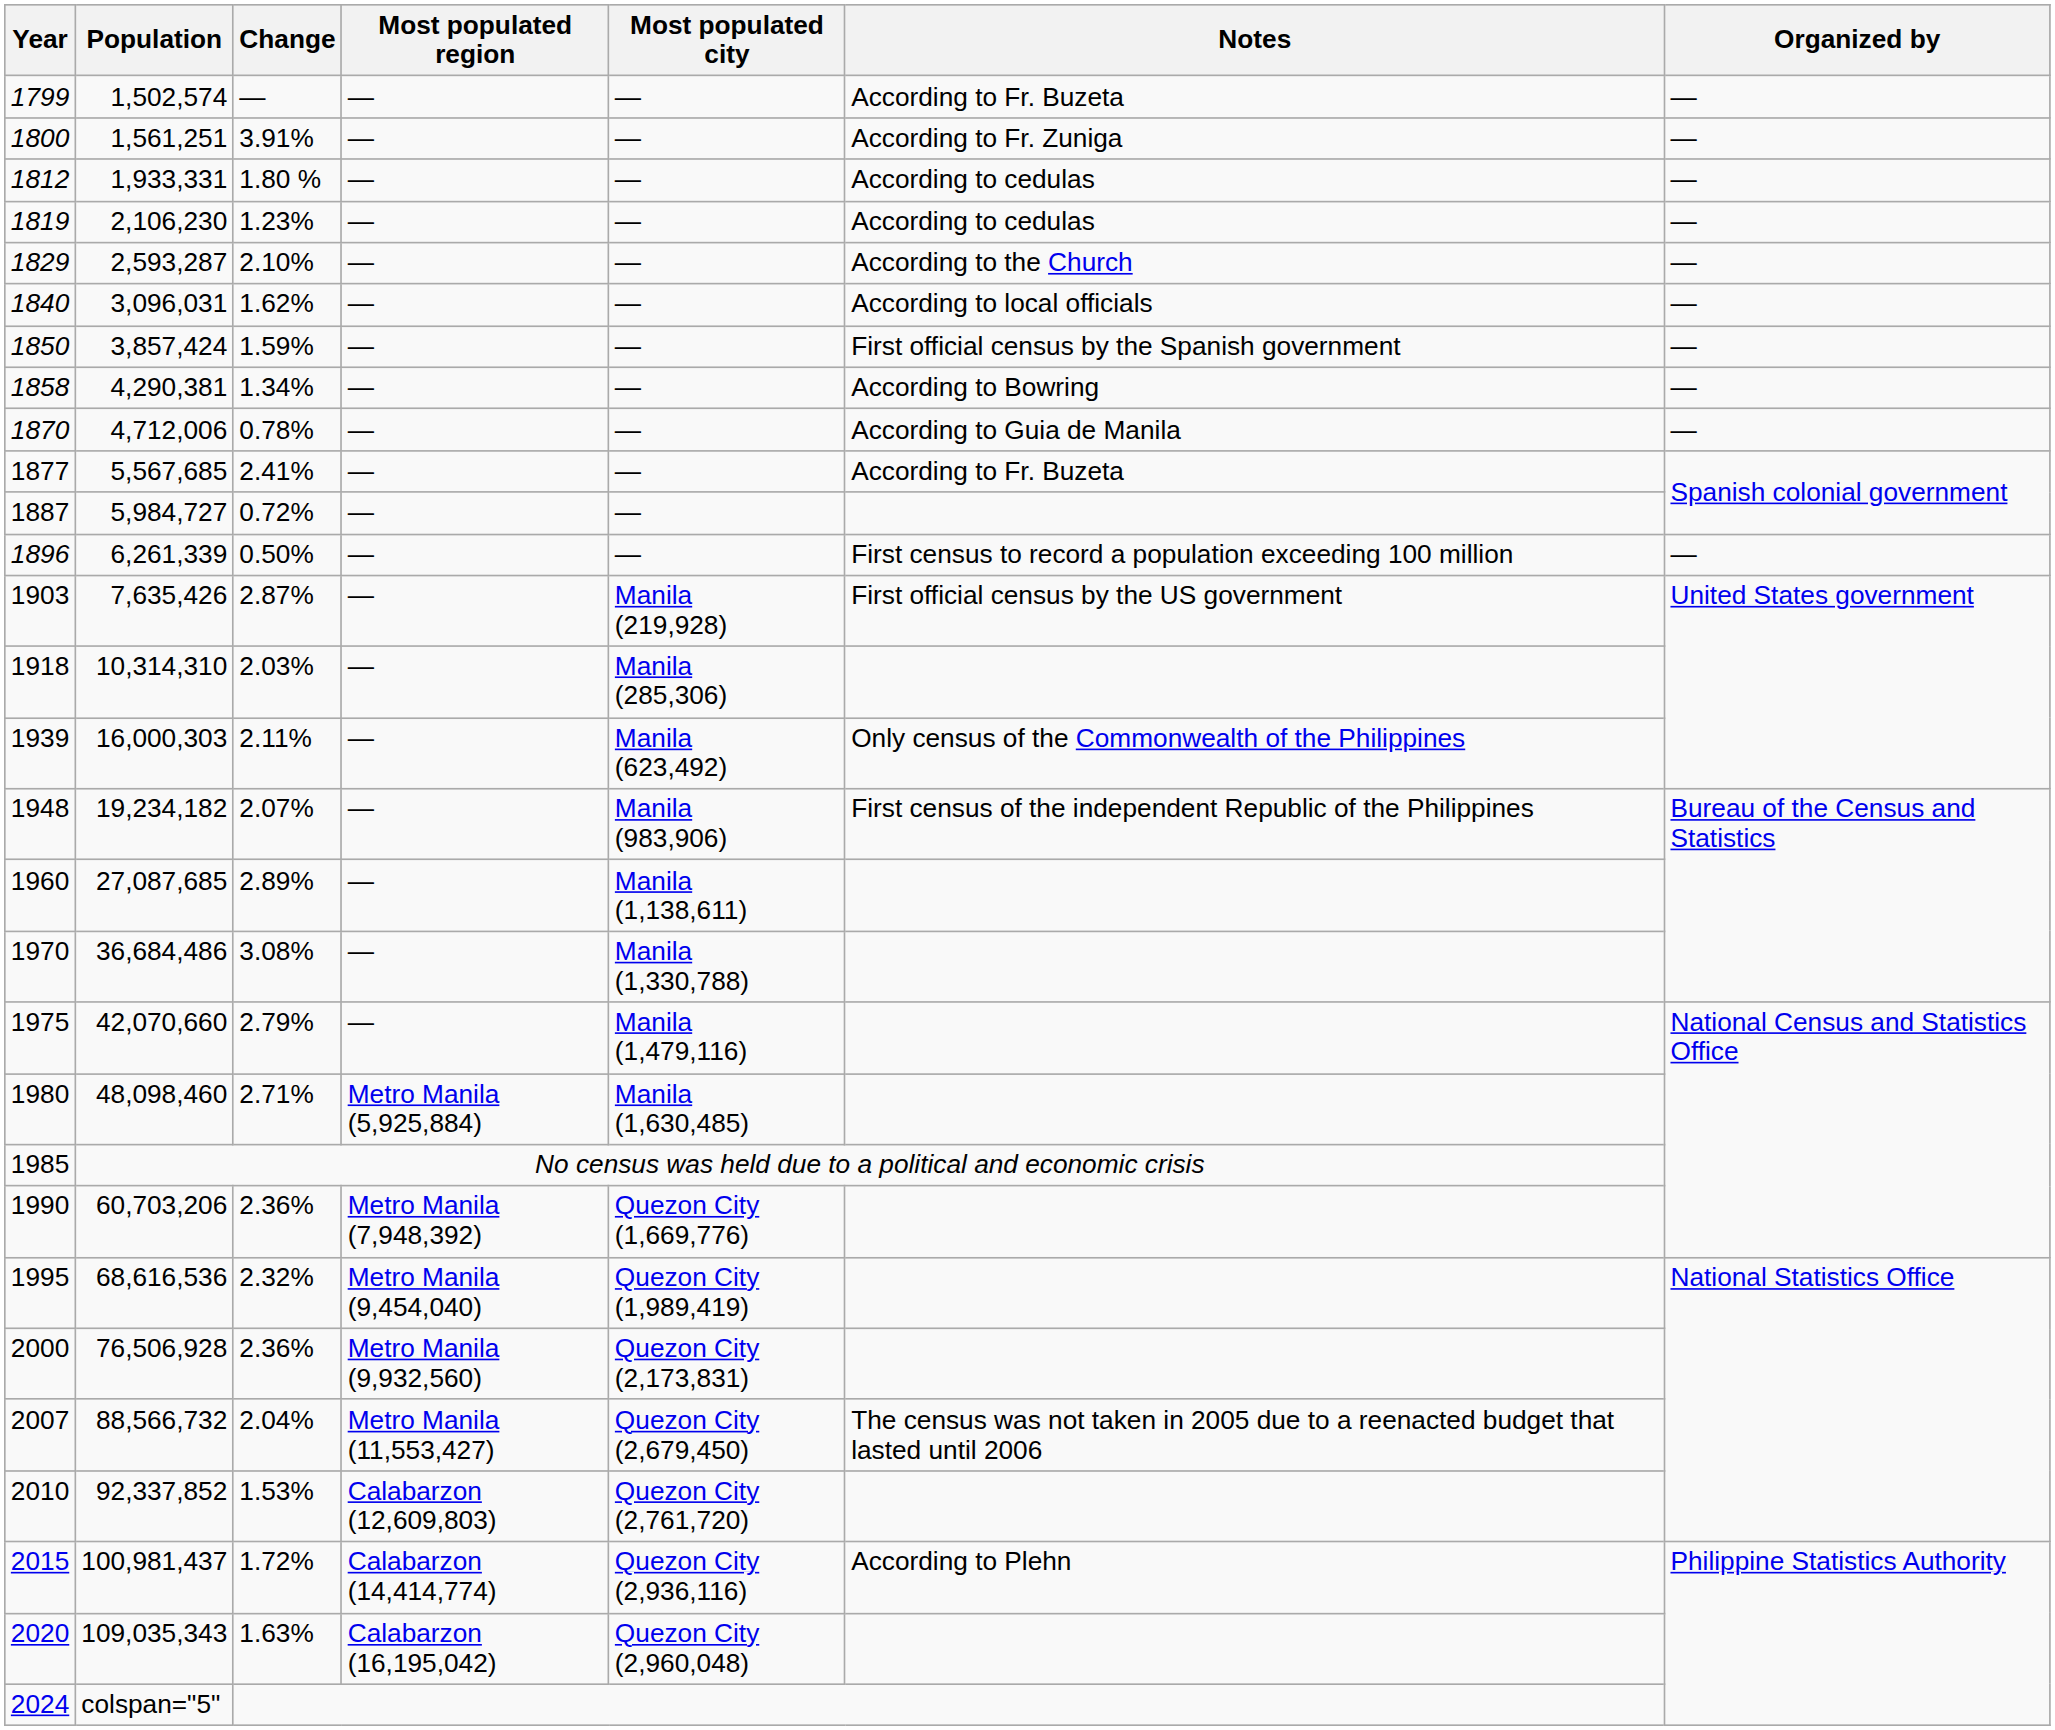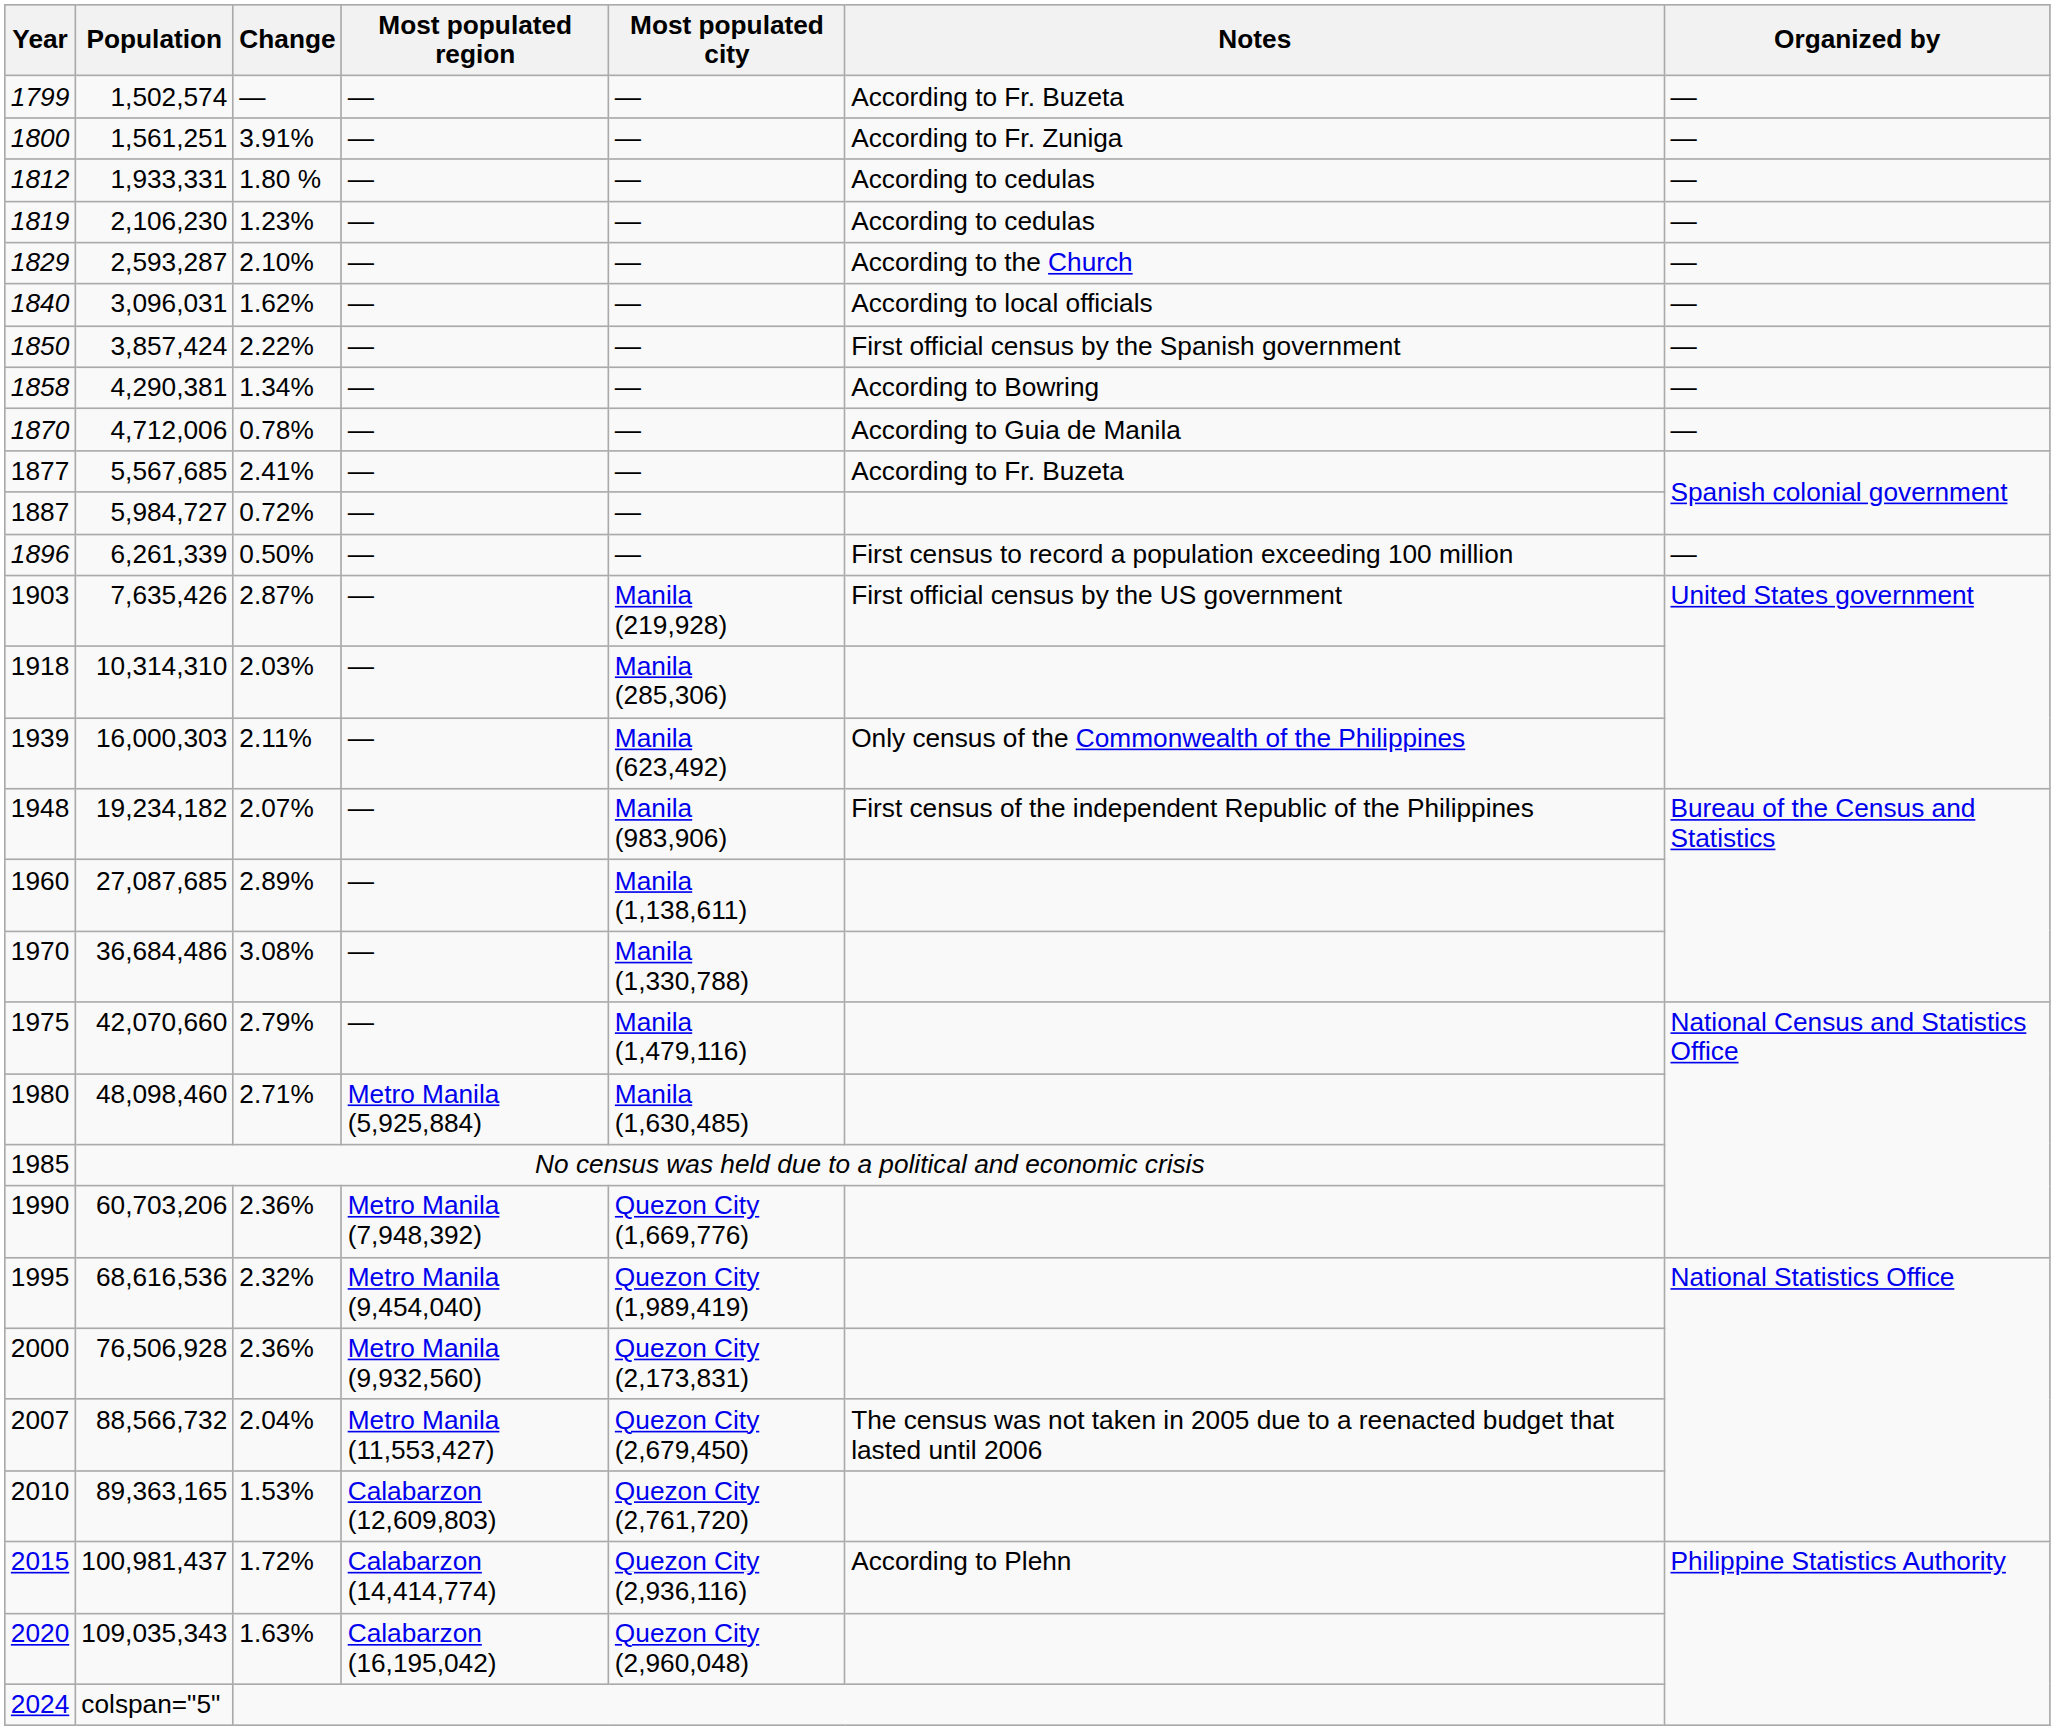 <table class="wikitable sortable">
 <tr>
 <th>Year</th>
 <th>Population</th>
 <th>Change</th>
 <th>Most populated region</th>
 <th>Most populated city</th>
 <th>Notes</th>
 <th>Organized by</th>
 </tr>
 <tr valign="top">
 <td style="text-align:center;"><em>1799</em></td>
 <td style="text-align:right;">1,502,574</td>
 <td>—</td>
 <td>—</td>
 <td>—</td>
 <td>According to Fr. Buzeta</td>
 <td>—</td>
 </tr>
 <tr>
 <td style="text-align:center;"><em>1800</em></td>
 <td style="text-align:right;">1,561,251</td>
 <td> 3.91%</td>
 <td>—</td>
 <td>—</td>
 <td>According to Fr. Zuniga</td>
 <td>—</td>
 </tr>
 <tr>
 <td style="text-align:center;"><em>1812</em></td>
 <td style="text-align:right;">1,933,331</td>
 <td> 1.80 %</td>
 <td>—</td>
 <td>—</td>
 <td>According to cedulas</td>
 <td>—</td>
 </tr>
 <tr>
 <td style="text-align:center;"><em>1819</em></td>
 <td style="text-align:right;">2,106,230</td>
 <td> 1.23%</td>
 <td>—</td>
 <td>—</td>
 <td>According to cedulas</td>
 <td>—</td>
 </tr>
 <tr>
 <td style="text-align:center;"><em>1829</em></td>
 <td style="text-align:right;">2,593,287</td>
 <td> 2.10%</td>
 <td>—</td>
 <td>—</td>
 <td>According to the <a href='#'>Church</a></td>
 <td>—</td>
 </tr>
 <tr>
 <td style="text-align:center;"><em>1840</em></td>
 <td style="text-align:right;">3,096,031</td>
 <td> 1.62%</td>
 <td>—</td>
 <td>—</td>
 <td>According to local officials</td>
 <td>—</td>
 </tr>
 <tr>
 <td style="text-align:center;"><em>1850</em></td>
 <td style="text-align:right;">3,857,424</td>
-<td> 1.59%</td>
+<td> 2.22%</td>
 <td>—</td>
 <td>—</td>
 <td>First official census by the Spanish government</td>
 <td>—</td>
 </tr>
 <tr>
 <td style="text-align:center;"><em>1858</em></td>
 <td style="text-align:right;">4,290,381</td>
 <td> 1.34%</td>
 <td>—</td>
 <td>—</td>
 <td>According to Bowring</td>
 <td>—</td>
 </tr>
 <tr>
 <td style="text-align:center;"><em>1870</em></td>
 <td style="text-align:right;">4,712,006</td>
 <td> 0.78%</td>
 <td>—</td>
 <td>—</td>
 <td>According to Guia de Manila</td>
 <td>—</td>
 </tr>
 <tr>
 <td style="text-align:center;">1877</td>
 <td style="text-align:right;">5,567,685</td>
 <td> 2.41%</td>
 <td>—</td>
 <td>—</td>
 <td>According to Fr. Buzeta</td>
 <td rowspan="2"><a href='#'>Spanish colonial government</a></td>
 </tr>
 <tr valign="top">
 <td style="text-align:center;">1887</td>
 <td style="text-align:right;">5,984,727</td>
 <td> 0.72%</td>
 <td>—</td>
 <td>—</td>
 <td></td>
 </tr>
 <tr>
 <td style="text-align:center;"><em>1896</em></td>
 <td style="text-align:right;">6,261,339</td>
 <td> 0.50%</td>
 <td>—</td>
 <td>—</td>
 <td>First census to record a population exceeding 100 million</td>
 <td>—</td>
 </tr>
 <tr valign="top">
 <td style="text-align:center;">1903</td>
 <td style="text-align:right;">7,635,426</td>
 <td> 2.87%</td>
 <td>—</td>
 <td><a href='#'>Manila</a><br>(219,928)</td>
 <td>First official census by the US government</td>
 <td rowspan="3"><a href='#'>United States government</a></td>
 </tr>
 <tr valign="top">
 <td style="text-align:center;">1918</td>
 <td style="text-align:right;">10,314,310</td>
 <td> 2.03%</td>
 <td>—</td>
 <td><a href='#'>Manila</a><br>(285,306)</td>
 <td></td>
 </tr>
 <tr valign="top">
 <td style="text-align:center;">1939</td>
 <td style="text-align:right;">16,000,303</td>
 <td> 2.11%</td>
 <td>—</td>
 <td><a href='#'>Manila</a><br>(623,492)</td>
 <td>Only census of the <a href='#'>Commonwealth of the Philippines</a></td>
 </tr>
 <tr valign="top">
 <td style="text-align:center;">1948</td>
 <td style="text-align:right;">19,234,182</td>
 <td> 2.07%</td>
 <td>—</td>
 <td><a href='#'>Manila</a><br>(983,906)</td>
 <td>First census of the independent Republic of the Philippines</td>
 <td rowspan="3"><a href='#'>Bureau of the Census and Statistics</a></td>
 </tr>
 <tr valign="top">
 <td style="text-align:center;">1960</td>
 <td style="text-align:right;">27,087,685</td>
 <td> 2.89%</td>
 <td>—</td>
 <td><a href='#'>Manila</a><br>(1,138,611)</td>
 <td></td>
 </tr>
 <tr valign="top">
 <td style="text-align:center;">1970</td>
 <td style="text-align:right;">36,684,486</td>
 <td> 3.08%</td>
 <td>—</td>
 <td><a href='#'>Manila</a><br>(1,330,788)</td>
 <td></td>
 </tr>
 <tr valign="top">
 <td style="text-align:center;">1975</td>
 <td style="text-align:right;">42,070,660</td>
 <td> 2.79%</td>
 <td>—</td>
 <td><a href='#'>Manila</a><br>(1,479,116)</td>
 <td></td>
 <td rowspan="4"><a href='#'>National Census and Statistics Office</a></td>
 </tr>
 <tr valign="top">
 <td style="text-align:center;">1980</td>
 <td style="text-align:right;">48,098,460</td>
 <td> 2.71%</td>
 <td><a href='#'>Metro Manila</a><br>(5,925,884)</td>
 <td><a href='#'>Manila</a><br>(1,630,485)</td>
 <td></td>
 </tr>
 <tr valign="top">
 <td style="text-align:center;">1985</td>
 <td style="text-align:center;" colspan="5"><em>No census was held due to a political and economic crisis</em></td>
 </tr>
 <tr valign="top">
 <td style="text-align:center;">1990</td>
 <td style="text-align:right;">60,703,206</td>
 <td> 2.36%</td>
 <td><a href='#'>Metro Manila</a><br>(7,948,392)</td>
 <td><a href='#'>Quezon City</a><br>(1,669,776)</td>
 <td></td>
 </tr>
 <tr valign="top">
 <td style="text-align:center;">1995</td>
 <td style="text-align:right;">68,616,536</td>
 <td> 2.32%</td>
 <td><a href='#'>Metro Manila</a><br>(9,454,040)</td>
 <td><a href='#'>Quezon City</a><br>(1,989,419)</td>
 <td></td>
 <td rowspan="4"><a href='#'>National Statistics Office</a></td>
 </tr>
 <tr valign="top">
 <td style="text-align:center;">2000</td>
 <td style="text-align:right;">76,506,928</td>
 <td> 2.36%</td>
 <td><a href='#'>Metro Manila</a><br>(9,932,560)</td>
 <td><a href='#'>Quezon City</a><br>(2,173,831)</td>
 <td></td>
 </tr>
 <tr valign="top">
 <td style="text-align:center;">2007</td>
 <td style="text-align:right;">88,566,732</td>
 <td> 2.04%</td>
 <td><a href='#'>Metro Manila</a><br>(11,553,427)</td>
 <td><a href='#'>Quezon City</a><br>(2,679,450)</td>
 <td>The census was not taken in 2005 due to a reenacted budget that lasted until 2006</td>
 </tr>
 <tr valign="top">
 <td style="text-align:center;">2010</td>
-<td style="text-align:right;">92,337,852</td>
+<td style="text-align:right;">89,363,165</td>
 <td> 1.53%</td>
 <td><a href='#'>Calabarzon</a><br>(12,609,803)</td>
 <td><a href='#'>Quezon City</a><br>(2,761,720)</td>
 <td></td>
 </tr>
 <tr valign="top">
 <td style="text-align:center;"><a href='#'>2015</a></td>
 <td style="text-align:right;">100,981,437</td>
 <td> 1.72%</td>
 <td><a href='#'>Calabarzon</a><br>(14,414,774)</td>
 <td><a href='#'>Quezon City</a><br>(2,936,116)</td>
 <td>According to Plehn</td>
 <td rowspan="3"><a href='#'>Philippine Statistics Authority</a></td>
 </tr>
 <tr valign="top">
 <td style="text-align:center;"><a href='#'>2020</a></td>
 <td style="text-align:right;">109,035,343</td>
 <td> 1.63%</td>
 <td><a href='#'>Calabarzon</a><br>(16,195,042)</td>
 <td><a href='#'>Quezon City</a><br>(2,960,048)</td>
 <td></td>
 </tr>
 <tr valign="top">
 <td style="text-align:center;"><a href='#'>2024</a></td>
 <td>colspan="5" </td>
 </tr>
 </table>
